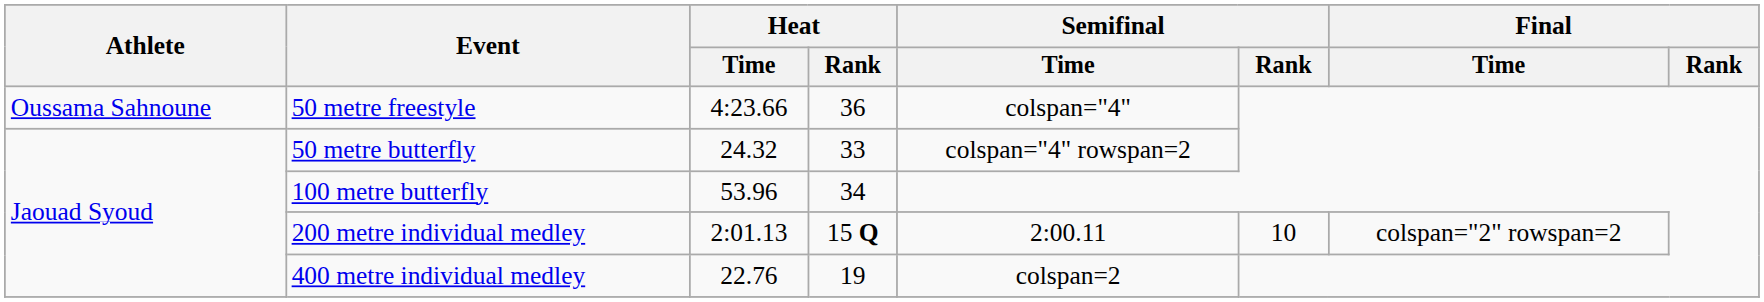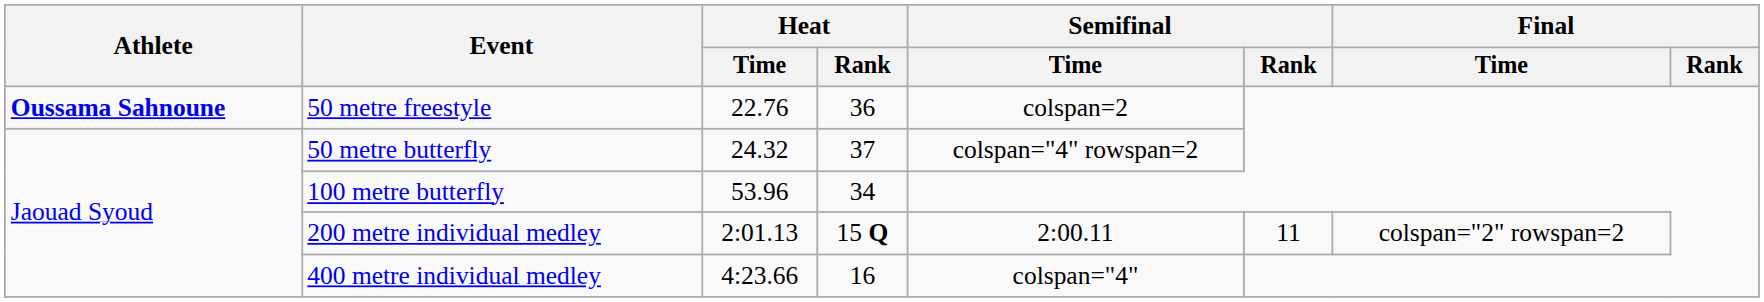 <table class="wikitable" style="text-align:center; font-size:90%; width:50%;">
 <tr>
 <th rowspan="2">Athlete</th>
 <th rowspan="2">Event</th>
 <th colspan="2">Heat</th>
 <th colspan="2">Semifinal</th>
 <th colspan="2">Final</th>
 </tr>
 <tr style="font-size:95%">
 <th>Time</th>
 <th>Rank</th>
 <th>Time</th>
 <th>Rank</th>
 <th>Time</th>
 <th>Rank</th>
 </tr>
 <tr>
-<td align=left><a href='#'>Oussama Sahnoune</a></td>
+<td align=left><strong><a href='#'>Oussama Sahnoune</a></strong></td>
 <td align=left><a href='#'>50 metre freestyle</a></td>
-<td>4:23.66</td>
+<td>22.76</td>
 <td>36</td>
-<td>colspan="4" </td>
+<td>colspan=2 </td>
 </tr>
 <tr>
 <td align=left rowspan=4><a href='#'>Jaouad Syoud</a></td>
 <td align=left><a href='#'>50 metre butterfly</a></td>
 <td>24.32</td>
-<td>33</td>
+<td>37</td>
 <td>colspan="4" rowspan=2</td>
 </tr>
 <tr>
 <td align=left><a href='#'>100 metre butterfly</a></td>
 <td>53.96</td>
 <td>34</td>
 </tr>
 <tr>
 <td align=left><a href='#'>200 metre individual medley</a></td>
 <td>2:01.13</td>
 <td>15 <strong>Q</strong></td>
 <td>2:00.11</td>
-<td>10</td>
+<td>11</td>
 <td>colspan="2" rowspan=2 </td>
 </tr>
 <tr>
 <td align=left><a href='#'>400 metre individual medley</a></td>
-<td>22.76</td>
-<td>19</td>
-<td>colspan=2 </td>
+<td>4:23.66</td>
+<td>16</td>
+<td>colspan="4" </td>
 </tr>
 </table>
